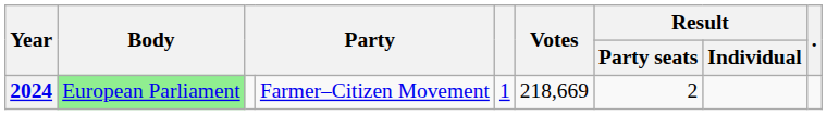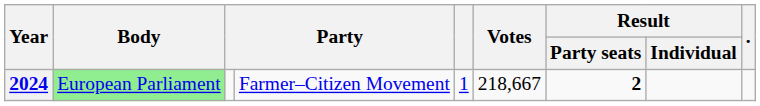 <table class="wikitable plainrowheaders sortable" border=2 cellpadding=4 cellspacing=0 style="border: 1px #aaa solid; font-size: 90%; text-align:center;">
 <tr>
 <th scope="col" rowspan=2>Year</th>
 <th scope="col" rowspan=2>Body</th>
 <th scope="col" colspan=2 rowspan=2>Party</th>
 <th scope="col" rowspan=2></th>
 <th scope="col" rowspan=2>Votes</th>
 <th scope="colgroup" colspan=2>Result</th>
 <th scope="col" rowspan=2>.</th>
 </tr>
 <tr>
 <th scope="col">Party seats</th>
 <th scope="col">Individual</th>
 </tr>
 <tr>
 <th scope="row"><a href='#'>2024</a></th>
 <td style="background: lightgreen;"><a href='#'>European Parliament</a></td>
 <td style="background-color:"></td>
 <td><a href='#'>Farmer–Citizen Movement</a></td>
 <td style=text-align:right><a href='#'>1</a></td>
-<td style=text-align:right>218,669</td>
-<td style=text-align:right>2</td>
+<td style=text-align:right>218,667</td>
+<td style=text-align:right><strong>2</strong></td>
 <td></td>
 <td></td>
 </tr>
 </table>
